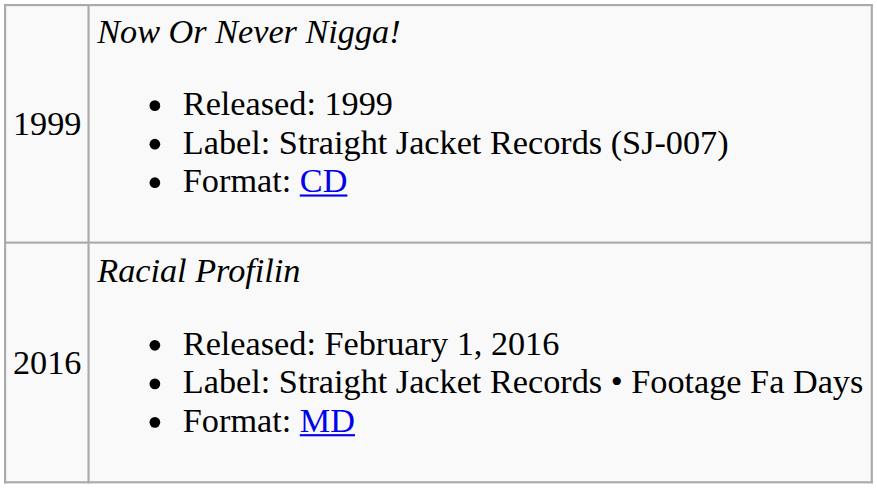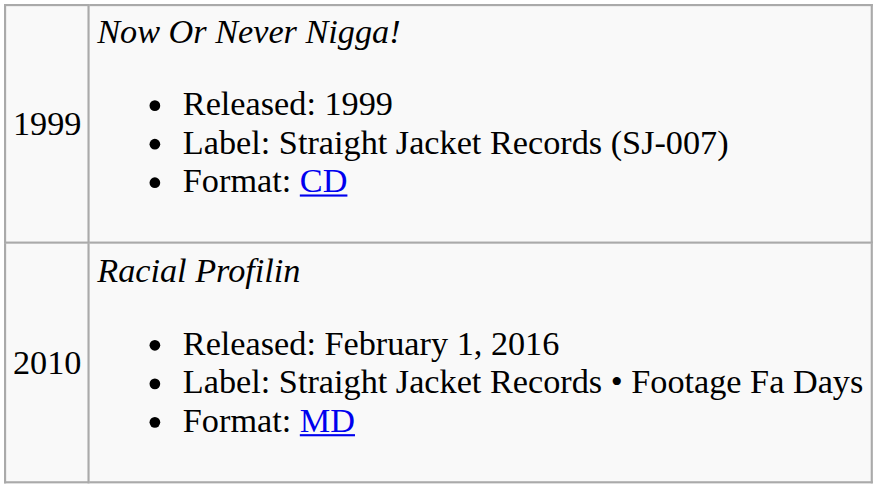 <table class="wikitable">
 <tr>
 <td align="center">1999</td>
 <td><em>Now Or Never Nigga!</em><br><ul><li>Released: 1999</li><li>Label: Straight Jacket Records (SJ-007)</li><li>Format: <a href='#'>CD</a></li></ul></td>
 </tr>
 <tr>
-<td align="center">2016</td>
+<td align="center">2010</td>
 <td><em>Racial Profilin</em><br><ul><li>Released: February 1, 2016</li><li>Label: Straight Jacket Records • Footage Fa Days</li><li>Format: <a href='#'>MD</a></li></ul></td>
 </tr>
 </table>
